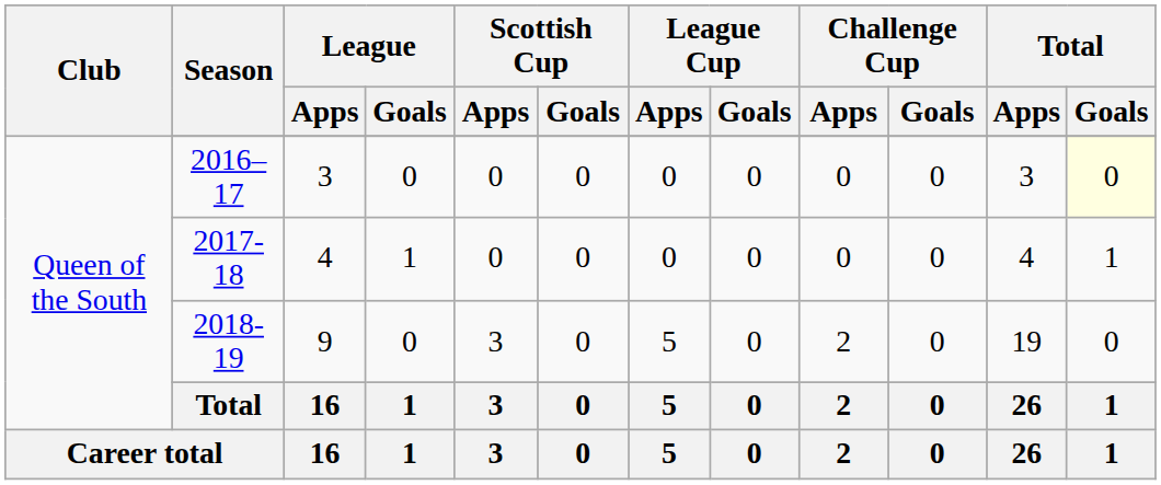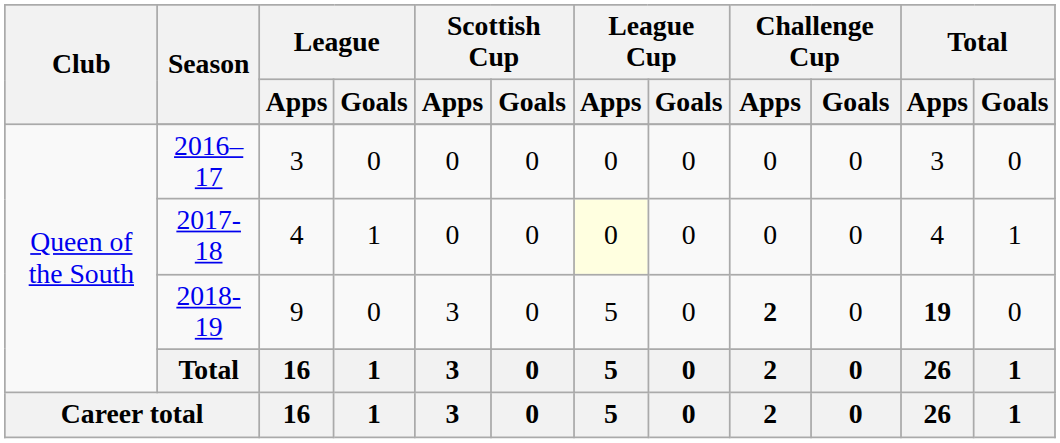 <table class="wikitable" style="text-align:center">
 <tr>
 <th rowspan="2">Club</th>
 <th rowspan="2">Season</th>
 <th colspan="2">League</th>
 <th colspan="2">Scottish Cup</th>
 <th colspan="2">League Cup</th>
 <th colspan="2">Challenge Cup</th>
 <th colspan="2">Total</th>
 </tr>
 <tr>
 <th>Apps</th>
 <th>Goals</th>
 <th>Apps</th>
 <th>Goals</th>
 <th>Apps</th>
 <th>Goals</th>
 <th>Apps</th>
 <th>Goals</th>
 <th>Apps</th>
 <th>Goals</th>
 </tr>
 <tr>
 <td rowspan="5"><a href='#'>Queen of the South</a></td>
 </tr>
 <tr>
 <td><a href='#'>2016–17</a></td>
 <td>3</td>
 <td>0</td>
 <td>0</td>
 <td>0</td>
 <td>0</td>
 <td>0</td>
 <td>0</td>
 <td>0</td>
 <td>3</td>
-<td style="background: lightyellow;">0</td>
+<td>0</td>
 </tr>
 <tr>
 <td><a href='#'>2017-18</a></td>
 <td>4</td>
 <td>1</td>
 <td>0</td>
 <td>0</td>
-<td>0</td>
+<td style="background: lightyellow;">0</td>
 <td>0</td>
 <td>0</td>
 <td>0</td>
 <td>4</td>
 <td>1</td>
 </tr>
 <tr>
 <td><a href='#'>2018-19</a></td>
 <td>9</td>
 <td>0</td>
 <td>3</td>
 <td>0</td>
 <td>5</td>
 <td>0</td>
-<td>2</td>
+<td><strong>2</strong></td>
 <td>0</td>
-<td>19</td>
+<td><strong>19</strong></td>
 <td>0</td>
 </tr>
 <tr>
 <th>Total</th>
 <th>16</th>
 <th>1</th>
 <th>3</th>
 <th>0</th>
 <th>5</th>
 <th>0</th>
 <th>2</th>
 <th>0</th>
 <th>26</th>
 <th>1</th>
 </tr>
 <tr>
 <th colspan="2">Career total</th>
 <th>16</th>
 <th>1</th>
 <th>3</th>
 <th>0</th>
 <th>5</th>
 <th>0</th>
 <th>2</th>
 <th>0</th>
 <th>26</th>
 <th>1</th>
 </tr>
 </table>
